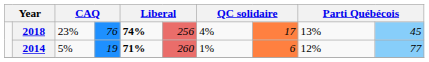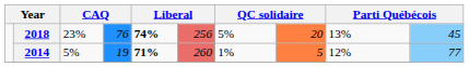 <table class="wikitable" style="width:600px; margin-left:1em;">
 <tr>
 <th colspan="2" scope="col">Year</th>
 <th colspan="2" scope="col"><a href='#'>CAQ</a></th>
 <th colspan="2" scope="col"><a href='#'>Liberal</a></th>
 <th colspan="2" scope="col"><a href='#'>QC solidaire</a></th>
 <th colspan="2" scope="col"><a href='#'>Parti Québécois</a></th>
 </tr>
 <tr>
 <td rowspan="2" style="width: 0.25em; background-color: "></td>
 <th><a href='#'>2018</a></th>
 <td>23%</td>
 <td style="text-align:right; background:#1E90FF;"><em>76</em></td>
 <td><strong>74%</strong></td>
 <td style="text-align:right; background:#EA6D6A;"><em>256</em></td>
-<td>4%</td>
-<td style="text-align:right; background:#FF8040;"><em>17</em></td>
+<td>5%</td>
+<td style="text-align:right; background:#FF8040;"><em>20</em></td>
 <td>13%</td>
 <td style="text-align:right; background:#87CEFA;"><em>45</em></td>
 </tr>
 <tr>
 <th><a href='#'>2014</a></th>
 <td>5%</td>
 <td style="text-align:right; background:#1E90FF;"><em>19</em></td>
 <td><strong>71%</strong></td>
 <td style="text-align:right; background:#EA6D6A;"><em>260</em></td>
 <td>1%</td>
-<td style="text-align:right; background:#FF8040;"><em>6</em></td>
+<td style="text-align:right; background:#FF8040;"><em>5</em></td>
 <td>12%</td>
 <td style="text-align:right; background:#87CEFA;"><em>77</em></td>
 </tr>
 <tr>
 </tr>
 </table>
